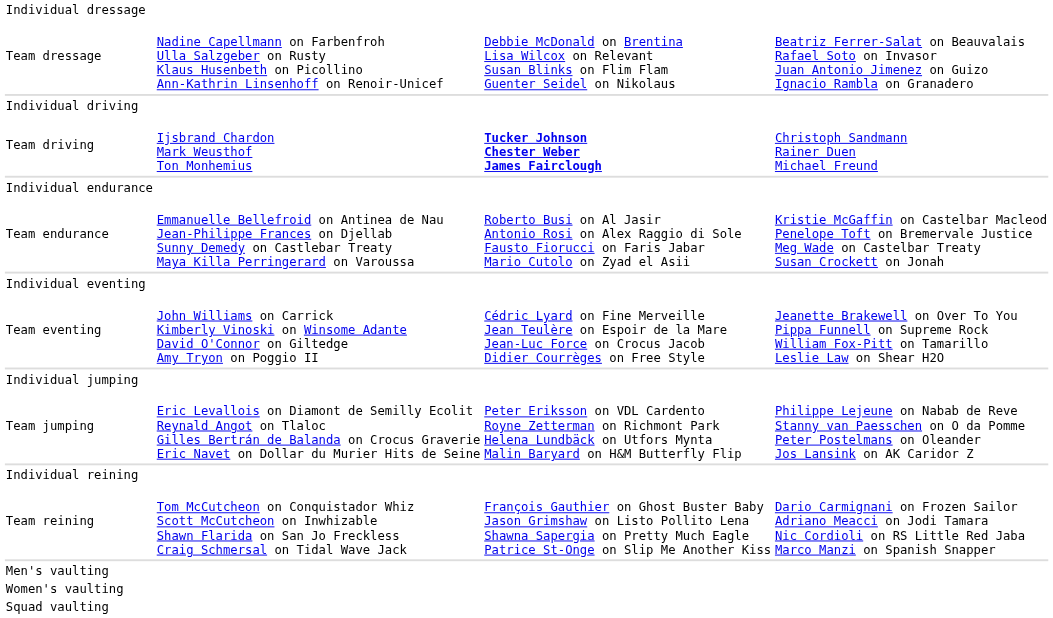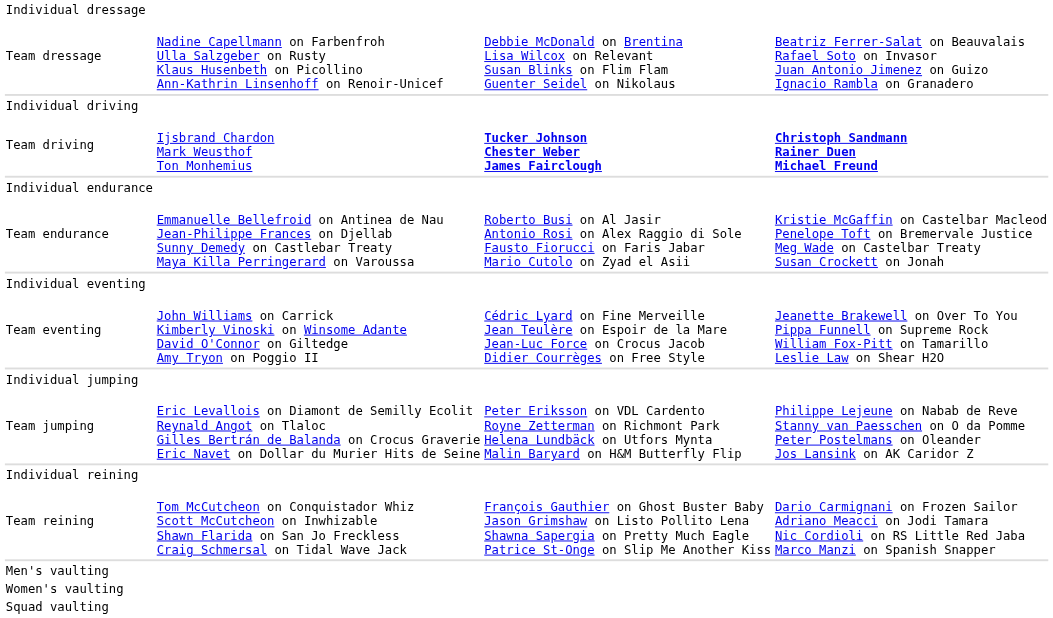 <table>
 <tr>
 <td>Individual dressage<br></td>
 <td></td>
 <td></td>
 <td></td>
 </tr>
 <tr>
 <td>Team dressage<br></td>
 <td><br><a href='#'>Nadine Capellmann</a> on Farbenfroh<br><a href='#'>Ulla Salzgeber</a> on Rusty<br><a href='#'>Klaus Husenbeth</a> on Picollino<br><a href='#'>Ann-Kathrin Linsenhoff</a> on Renoir-Unicef</td>
 <td><br><a href='#'>Debbie McDonald</a> on <a href='#'>Brentina</a><br><a href='#'>Lisa Wilcox</a> on Relevant<br><a href='#'>Susan Blinks</a> on Flim Flam<br><a href='#'>Guenter Seidel</a> on Nikolaus</td>
 <td><br><a href='#'>Beatriz Ferrer-Salat</a> on Beauvalais<br><a href='#'>Rafael Soto</a> on Invasor<br><a href='#'>Juan Antonio Jimenez</a> on Guizo<br><a href='#'>Ignacio Rambla</a> on Granadero</td>
 </tr>
 <tr bgcolor=#DDDDDD>
 <td colspan=7></td>
 </tr>
 <tr>
 <td>Individual driving<br></td>
 <td></td>
 <td></td>
 <td></td>
 </tr>
 <tr>
 <td>Team driving<br></td>
 <td><br><a href='#'>Ijsbrand Chardon</a><br><a href='#'>Mark Weusthof</a><br><a href='#'>Ton Monhemius</a></td>
 <td><strong><br><a href='#'>Tucker Johnson</a><br><a href='#'>Chester Weber</a><br><a href='#'>James Fairclough</a></strong></td>
-<td><br><a href='#'>Christoph Sandmann</a><br><a href='#'>Rainer Duen</a><br><a href='#'>Michael Freund</a></td>
+<td><strong><br><a href='#'>Christoph Sandmann</a><br><a href='#'>Rainer Duen</a><br><a href='#'>Michael Freund</a></strong></td>
 </tr>
 <tr bgcolor=#DDDDDD>
 <td colspan=7></td>
 </tr>
 <tr>
 <td>Individual endurance<br></td>
 <td></td>
 <td></td>
 <td></td>
 </tr>
 <tr>
 <td>Team endurance<br></td>
 <td><br><a href='#'>Emmanuelle Bellefroid</a> on Antinea de Nau<br><a href='#'>Jean-Philippe Frances</a> on Djellab<br><a href='#'>Sunny Demedy</a> on Castlebar Treaty<br><a href='#'>Maya Killa Perringerard</a> on Varoussa</td>
 <td><br><a href='#'>Roberto Busi</a> on Al Jasir<br><a href='#'>Antonio Rosi</a> on Alex Raggio di Sole<br><a href='#'>Fausto Fiorucci</a> on Faris Jabar<br><a href='#'>Mario Cutolo</a> on Zyad el Asii</td>
 <td><br><a href='#'>Kristie McGaffin</a> on Castelbar Macleod<br><a href='#'>Penelope Toft</a> on Bremervale Justice<br><a href='#'>Meg Wade</a> on Castelbar Treaty<br><a href='#'>Susan Crockett</a> on Jonah</td>
 </tr>
 <tr bgcolor=#DDDDDD>
 <td colspan=7></td>
 </tr>
 <tr>
 <td>Individual eventing<br></td>
 <td></td>
 <td></td>
 <td></td>
 </tr>
 <tr>
 <td>Team eventing<br></td>
 <td><br><a href='#'>John Williams</a> on Carrick<br><a href='#'>Kimberly Vinoski</a> on <a href='#'>Winsome Adante</a><br><a href='#'>David O'Connor</a> on Giltedge<br><a href='#'>Amy Tryon</a> on Poggio II</td>
 <td><br><a href='#'>Cédric Lyard</a> on Fine Merveille<br><a href='#'>Jean Teulère</a> on Espoir de la Mare<br><a href='#'>Jean-Luc Force</a> on Crocus Jacob<br><a href='#'>Didier Courrèges</a> on Free Style</td>
 <td><br><a href='#'>Jeanette Brakewell</a> on Over To You<br><a href='#'>Pippa Funnell</a> on Supreme Rock<br><a href='#'>William Fox-Pitt</a> on Tamarillo<br><a href='#'>Leslie Law</a> on Shear H2O</td>
 </tr>
 <tr bgcolor=#DDDDDD>
 <td colspan=7></td>
 </tr>
 <tr>
 <td>Individual jumping<br></td>
 <td></td>
 <td></td>
 <td></td>
 </tr>
 <tr>
 <td>Team jumping<br></td>
 <td><br><a href='#'>Eric Levallois</a> on Diamont de Semilly Ecolit<br><a href='#'>Reynald Angot</a> on Tlaloc<br><a href='#'>Gilles Bertrán de Balanda</a> on Crocus Graverie<br><a href='#'>Eric Navet</a> on Dollar du Murier Hits de Seine</td>
 <td><br><a href='#'>Peter Eriksson</a> on VDL Cardento<br><a href='#'>Royne Zetterman</a> on Richmont Park<br><a href='#'>Helena Lundbäck</a> on Utfors Mynta<br><a href='#'>Malin Baryard</a> on H&M Butterfly Flip</td>
 <td><br><a href='#'>Philippe Lejeune</a> on Nabab de Reve<br><a href='#'>Stanny van Paesschen</a> on O da Pomme<br><a href='#'>Peter Postelmans</a> on Oleander<br><a href='#'>Jos Lansink</a> on AK Caridor Z</td>
 </tr>
 <tr bgcolor=#DDDDDD>
 <td colspan=7></td>
 </tr>
 <tr>
 <td>Individual reining<br></td>
 <td></td>
 <td></td>
 <td></td>
 </tr>
 <tr>
 <td>Team reining<br></td>
 <td><br><a href='#'>Tom McCutcheon</a> on Conquistador Whiz<br><a href='#'>Scott McCutcheon</a> on Inwhizable<br><a href='#'>Shawn Flarida</a> on San Jo Freckless<br><a href='#'>Craig Schmersal</a> on Tidal Wave Jack</td>
 <td><br><a href='#'>François Gauthier</a> on Ghost Buster Baby<br><a href='#'>Jason Grimshaw</a> on Listo Pollito Lena<br><a href='#'>Shawna Sapergia</a> on Pretty Much Eagle<br><a href='#'>Patrice St-Onge</a> on Slip Me Another Kiss</td>
 <td><br><a href='#'>Dario Carmignani</a> on Frozen Sailor<br><a href='#'>Adriano Meacci</a> on Jodi Tamara<br><a href='#'>Nic Cordioli</a> on RS Little Red Jaba<br><a href='#'>Marco Manzi</a> on Spanish Snapper</td>
 </tr>
 <tr bgcolor=#DDDDDD>
 <td colspan=7></td>
 </tr>
 <tr>
 <td>Men's vaulting<br></td>
 <td></td>
 <td></td>
 <td></td>
 </tr>
 <tr>
 <td>Women's vaulting<br></td>
 <td></td>
 <td></td>
 <td></td>
 </tr>
 <tr>
 <td>Squad vaulting<br></td>
 <td></td>
 <td></td>
 <td></td>
 </tr>
 </table>
